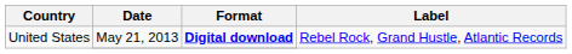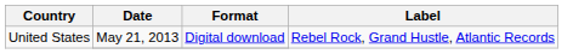 <table class="wikitable">
 <tr>
 <th>Country</th>
 <th>Date</th>
 <th>Format</th>
 <th>Label</th>
 </tr>
 <tr>
 <td rowspan="2">United States</td>
 <td>May 21, 2013</td>
-<td><strong><a href='#'>Digital download</a></strong></td>
+<td><a href='#'>Digital download</a></td>
 <td rowspan="2"><a href='#'>Rebel Rock</a>, <a href='#'>Grand Hustle</a>, <a href='#'>Atlantic Records</a></td>
 </tr>
 <tr>
 </tr>
 </table>
